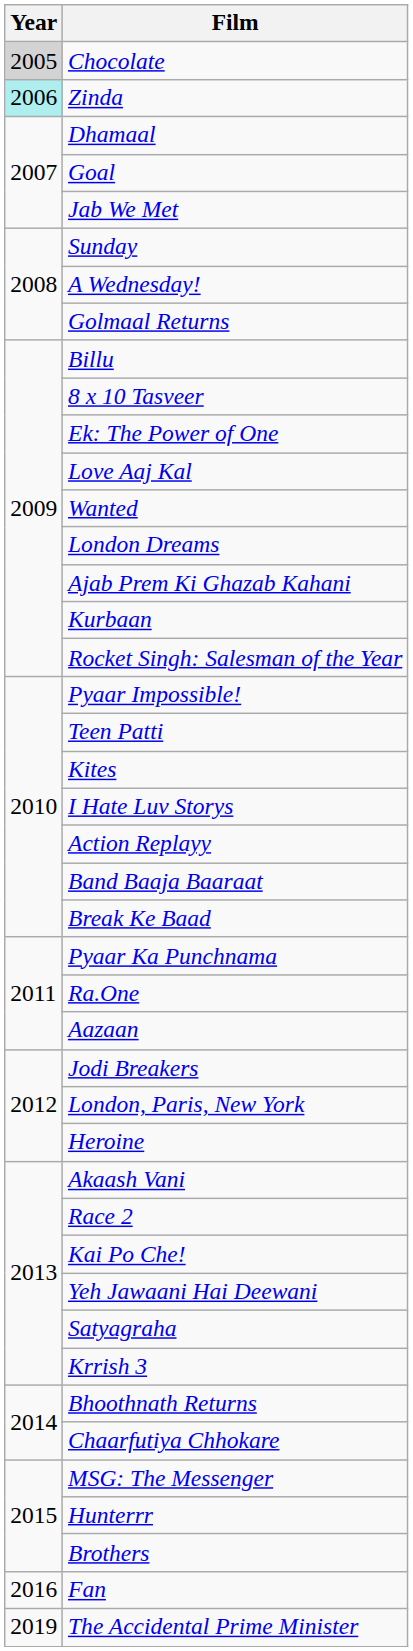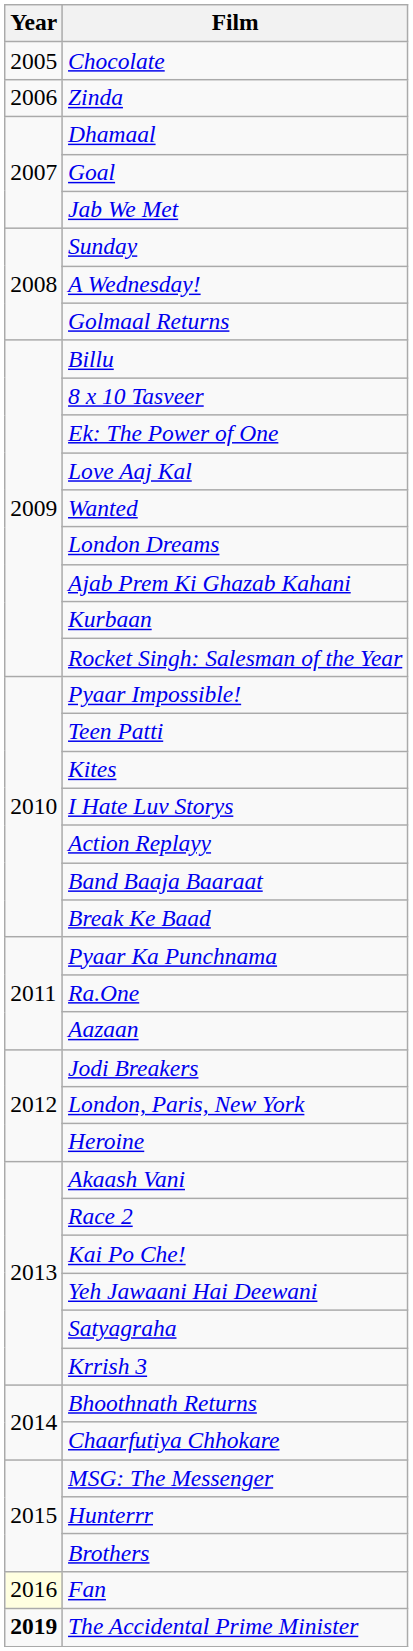 <table class="wikitable">
 <tr>
 <th>Year</th>
 <th>Film</th>
 </tr>
 <tr>
-<td style="background: lightgrey;">2005</td>
+<td>2005</td>
 <td><a href='#'><em>Chocolate</em></a></td>
 </tr>
 <tr>
-<td style="background: paleturquoise;">2006</td>
+<td>2006</td>
 <td><a href='#'><em>Zinda</em></a></td>
 </tr>
 <tr>
 <td rowspan="3">2007</td>
 <td><em><a href='#'>Dhamaal</a></em></td>
 </tr>
 <tr>
 <td><a href='#'><em>Goal</em></a></td>
 </tr>
 <tr>
 <td><em><a href='#'>Jab We Met</a></em></td>
 </tr>
 <tr>
 <td rowspan="3">2008</td>
 <td><a href='#'><em>Sunday</em></a></td>
 </tr>
 <tr>
 <td><em><a href='#'>A Wednesday!</a></em></td>
 </tr>
 <tr>
 <td><em><a href='#'>Golmaal Returns</a></em></td>
 </tr>
 <tr>
 <td rowspan="9">2009</td>
 <td><em><a href='#'>Billu</a></em></td>
 </tr>
 <tr>
 <td><em><a href='#'>8 x 10 Tasveer</a></em></td>
 </tr>
 <tr>
 <td><em><a href='#'>Ek: The Power of One</a></em></td>
 </tr>
 <tr>
 <td><em><a href='#'>Love Aaj Kal</a></em></td>
 </tr>
 <tr>
 <td><a href='#'><em>Wanted</em></a></td>
 </tr>
 <tr>
 <td><em><a href='#'>London Dreams</a></em></td>
 </tr>
 <tr>
 <td><em><a href='#'>Ajab Prem Ki Ghazab Kahani</a></em></td>
 </tr>
 <tr>
 <td><a href='#'><em>Kurbaan</em></a></td>
 </tr>
 <tr>
 <td><em><a href='#'>Rocket Singh: Salesman of the Year</a></em></td>
 </tr>
 <tr>
 <td rowspan="7">2010</td>
 <td><em><a href='#'>Pyaar Impossible!</a></em></td>
 </tr>
 <tr>
 <td><a href='#'><em>Teen Patti</em></a></td>
 </tr>
 <tr>
 <td><a href='#'><em>Kites</em></a></td>
 </tr>
 <tr>
 <td><em><a href='#'>I Hate Luv Storys</a></em></td>
 </tr>
 <tr>
 <td><em><a href='#'>Action Replayy</a></em></td>
 </tr>
 <tr>
 <td><em><a href='#'>Band Baaja Baaraat</a></em></td>
 </tr>
 <tr>
 <td><em><a href='#'>Break Ke Baad</a></em></td>
 </tr>
 <tr>
 <td rowspan="3">2011</td>
 <td><em><a href='#'>Pyaar Ka Punchnama</a></em></td>
 </tr>
 <tr>
 <td><em><a href='#'>Ra.One</a></em></td>
 </tr>
 <tr>
 <td><em><a href='#'>Aazaan</a></em></td>
 </tr>
 <tr>
 <td rowspan="3">2012</td>
 <td><em><a href='#'>Jodi Breakers</a></em></td>
 </tr>
 <tr>
 <td><em><a href='#'>London, Paris, New York</a></em></td>
 </tr>
 <tr>
 <td><a href='#'><em>Heroine</em></a></td>
 </tr>
 <tr>
 <td rowspan="6">2013</td>
 <td><em><a href='#'>Akaash Vani</a></em></td>
 </tr>
 <tr>
 <td><em><a href='#'>Race 2</a></em></td>
 </tr>
 <tr>
 <td><em><a href='#'>Kai Po Che!</a></em></td>
 </tr>
 <tr>
 <td><em><a href='#'>Yeh Jawaani Hai Deewani</a></em></td>
 </tr>
 <tr>
 <td><a href='#'><em>Satyagraha</em></a></td>
 </tr>
 <tr>
 <td><em><a href='#'>Krrish 3</a></em></td>
 </tr>
 <tr>
 <td rowspan="2">2014</td>
 <td><em><a href='#'>Bhoothnath Returns</a></em></td>
 </tr>
 <tr>
 <td><em><a href='#'>Chaarfutiya Chhokare</a></em></td>
 </tr>
 <tr>
 <td rowspan="3">2015</td>
 <td><em><a href='#'>MSG: The Messenger</a></em></td>
 </tr>
 <tr>
 <td><em><a href='#'>Hunterrr</a></em></td>
 </tr>
 <tr>
 <td><a href='#'><em>Brothers</em></a></td>
 </tr>
 <tr>
-<td>2016</td>
+<td style="background: lightyellow;">2016</td>
 <td><a href='#'><em>Fan</em></a></td>
 </tr>
 <tr>
-<td>2019</td>
+<td><strong>2019</strong></td>
 <td><a href='#'><em>The Accidental Prime Minister</em></a></td>
 </tr>
 </table>
